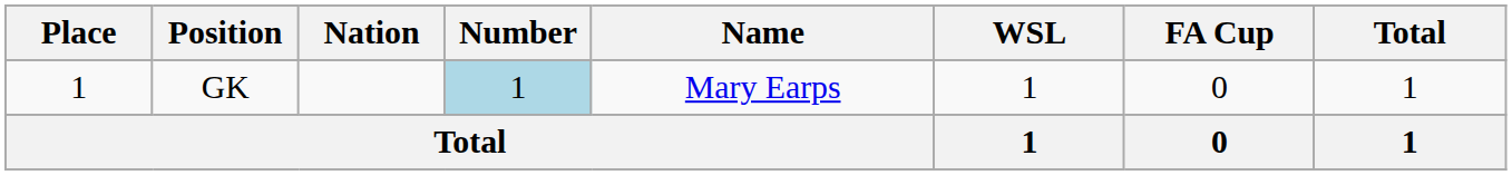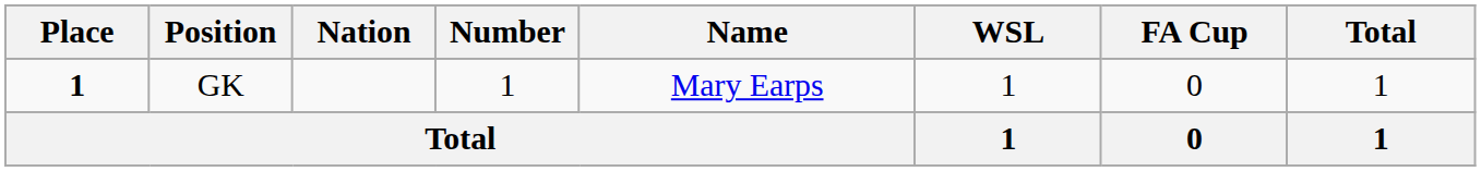 <table class="wikitable" style="font-size: 95%; text-align: center;">
 <tr>
 <th width=60>Place</th>
 <th width=60>Position</th>
 <th width=60>Nation</th>
 <th width=60>Number</th>
 <th width=150>Name</th>
 <th width=80>WSL</th>
 <th width=80>FA Cup</th>
 <th width=80>Total</th>
 </tr>
 <tr>
-<td>1</td>
+<td><strong>1</strong></td>
 <td>GK</td>
 <td></td>
-<td style="background: lightblue;">1</td>
+<td>1</td>
 <td><a href='#'>Mary Earps</a></td>
 <td>1</td>
 <td>0</td>
 <td>1</td>
 </tr>
 <tr>
 <th colspan=5>Total</th>
 <th>1</th>
 <th>0</th>
 <th>1</th>
 </tr>
 </table>
